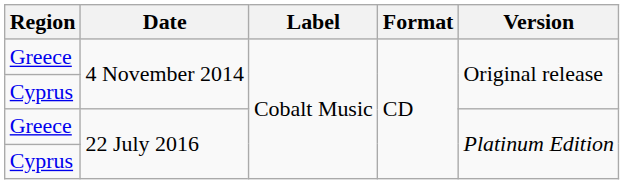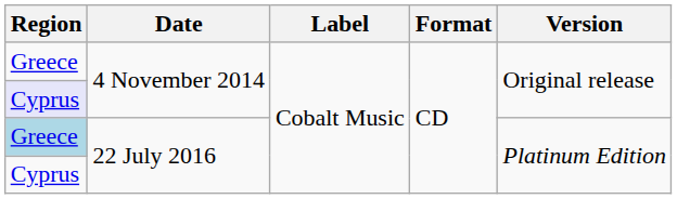 <table class="sortable wikitable">
 <tr>
 <th>Region</th>
 <th>Date</th>
 <th>Label</th>
 <th>Format</th>
 <th>Version</th>
 </tr>
 <tr>
 <td><a href='#'>Greece</a></td>
 <td rowspan="2">4 November 2014</td>
 <td rowspan="4">Cobalt Music</td>
 <td rowspan="4">CD</td>
 <td rowspan="2">Original release</td>
 </tr>
 <tr>
-<td><a href='#'>Cyprus</a></td>
+<td style="background: lavender;"><a href='#'>Cyprus</a></td>
 </tr>
 <tr>
-<td><a href='#'>Greece</a></td>
+<td style="background: lightblue;"><a href='#'>Greece</a></td>
 <td rowspan="2">22 July 2016</td>
 <td rowspan="2"><em>Platinum Edition</em></td>
 </tr>
 <tr>
 <td><a href='#'>Cyprus</a></td>
 </tr>
 </table>
